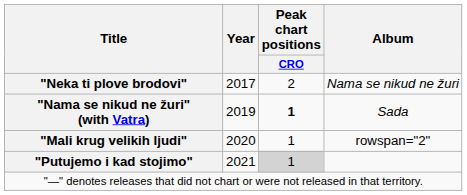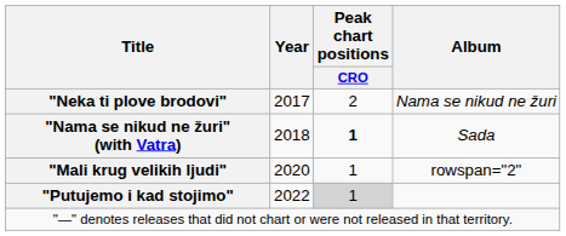 <table class="wikitable plainrowheaders" style="text-align:center;">
 <tr>
 <th scope="col" rowspan="2" style="width:16em;">Title</th>
 <th scope="col" rowspan="2" style="width:1em;">Year</th>
 <th scope="col" colspan="1">Peak chart positions</th>
 <th scope="col" rowspan="2">Album</th>
 </tr>
 <tr>
 <th scope="col" style="width:3em;font-size:85%;"><a href='#'>CRO</a><br></th>
 </tr>
 <tr>
 <th scope="row">"Neka ti plove brodovi"</th>
 <td>2017</td>
 <td>2</td>
 <td><em>Nama se nikud ne žuri</em></td>
 </tr>
 <tr>
 <th scope="row">"Nama se nikud ne žuri" <br><span>(with <a href='#'>Vatra</a>)</span></th>
-<td>2019</td>
+<td>2018</td>
 <td><strong>1</strong></td>
 <td><em>Sada</em></td>
 </tr>
 <tr>
 <th scope="row">"Mali krug velikih ljudi"</th>
 <td>2020</td>
 <td>1</td>
 <td>rowspan="2" </td>
 </tr>
 <tr>
 <th scope="row">"Putujemo i kad stojimo"</th>
-<td>2021</td>
+<td>2022</td>
 <td style="background: lightgrey;">1</td>
 </tr>
 <tr>
 <td colspan="22" style="text-align:center; font-size:85%;">"—" denotes releases that did not chart or were not released in that territory.</td>
 </tr>
 </table>
